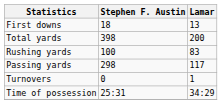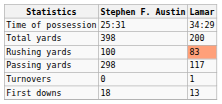 <table class="wikitable" style="float: left;">
 <tr>
 <th>Statistics</th>
 <th><strong>Stephen F. Austin</strong></th>
 <th><strong>Lamar</strong></th>
 </tr>
 <tr>
-<td>First downs</td>
-<td>18</td>
-<td>13</td>
+<td>Time of possession</td>
+<td>25:31</td>
+<td>34:29</td>
 </tr>
 <tr>
 <td>Total yards</td>
 <td>398</td>
 <td>200</td>
 </tr>
 <tr>
 <td>Rushing yards</td>
 <td>100</td>
-<td>83</td>
+<td style="background: lightsalmon;">83</td>
 </tr>
 <tr>
 <td>Passing yards</td>
 <td>298</td>
 <td>117</td>
 </tr>
 <tr>
 <td>Turnovers</td>
 <td>0</td>
 <td>1</td>
 </tr>
 <tr>
-<td>Time of possession</td>
-<td>25:31</td>
-<td>34:29</td>
+<td>First downs</td>
+<td>18</td>
+<td>13</td>
 </tr>
 <tr>
 </tr>
 </table>
